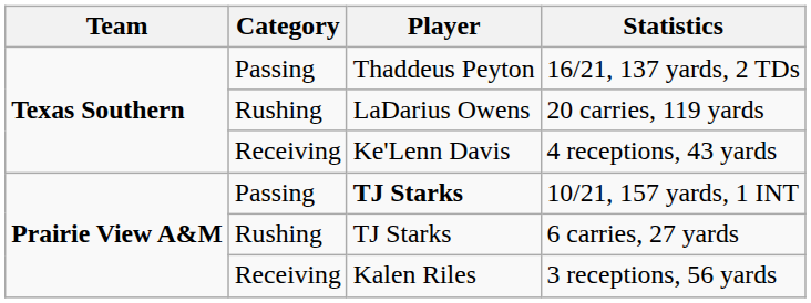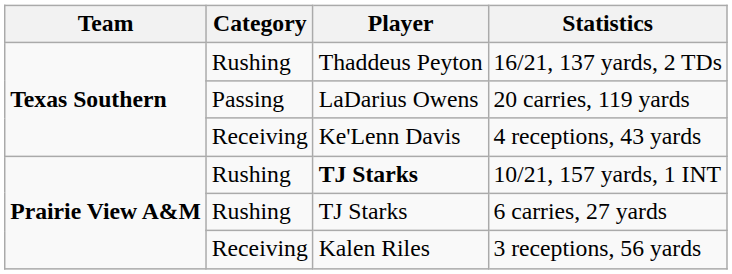 <table class="wikitable" style="float: left;">
 <tr>
 <th>Team</th>
 <th>Category</th>
 <th>Player</th>
 <th>Statistics</th>
 </tr>
 <tr>
 <td rowspan=3><strong>Texas Southern</strong></td>
-<td>Passing</td>
+<td>Rushing</td>
 <td>Thaddeus Peyton</td>
 <td>16/21, 137 yards, 2 TDs</td>
 </tr>
 <tr>
-<td>Rushing</td>
+<td>Passing</td>
 <td>LaDarius Owens</td>
 <td>20 carries, 119 yards</td>
 </tr>
 <tr>
 <td>Receiving</td>
 <td>Ke'Lenn Davis</td>
 <td>4 receptions, 43 yards</td>
 </tr>
 <tr>
 <td rowspan=3><strong>Prairie View A&M</strong></td>
-<td>Passing</td>
+<td>Rushing</td>
 <td><strong>TJ Starks</strong></td>
 <td>10/21, 157 yards, 1 INT</td>
 </tr>
 <tr>
 <td>Rushing</td>
 <td>TJ Starks</td>
 <td>6 carries, 27 yards</td>
 </tr>
 <tr>
 <td>Receiving</td>
 <td>Kalen Riles</td>
 <td>3 receptions, 56 yards</td>
 </tr>
 </table>
